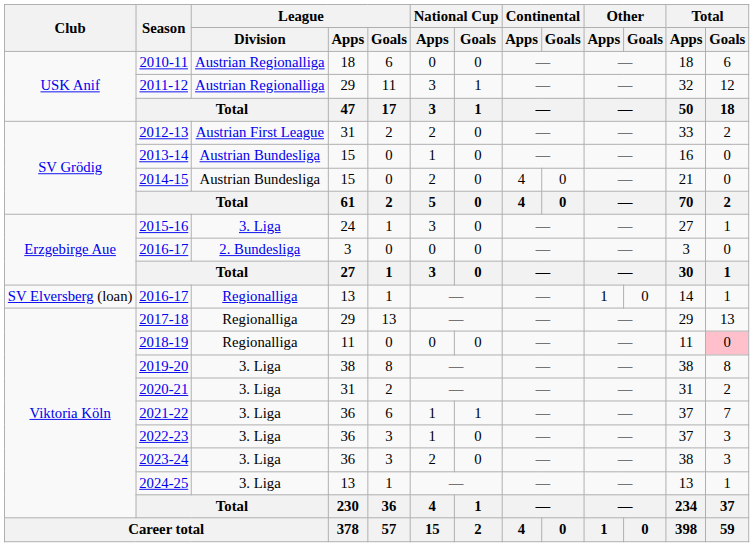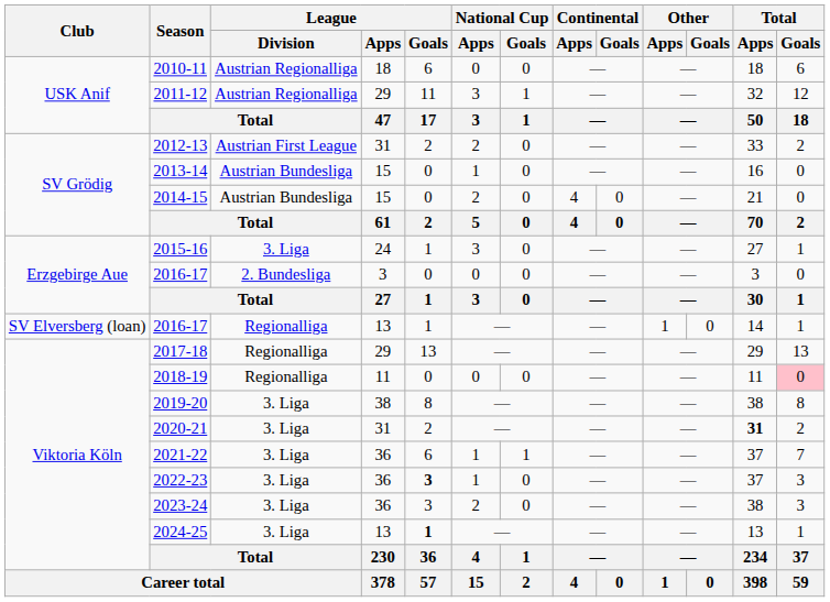 <table class="wikitable" style="text-align:center">
 <tr>
 <th rowspan="2">Club</th>
 <th rowspan="2">Season</th>
 <th colspan="3">League</th>
 <th colspan="2">National Cup</th>
 <th colspan="2">Continental</th>
 <th colspan="2">Other</th>
 <th colspan="2">Total</th>
 </tr>
 <tr>
 <th>Division</th>
 <th>Apps</th>
 <th>Goals</th>
 <th>Apps</th>
 <th>Goals</th>
 <th>Apps</th>
 <th>Goals</th>
 <th>Apps</th>
 <th>Goals</th>
 <th>Apps</th>
 <th>Goals</th>
 </tr>
 <tr>
 <td rowspan="3"><a href='#'>USK Anif</a></td>
 <td><a href='#'>2010-11</a></td>
 <td><a href='#'>Austrian Regionalliga</a></td>
 <td>18</td>
 <td>6</td>
 <td>0</td>
 <td>0</td>
 <td colspan="2">—</td>
 <td colspan="2">—</td>
 <td>18</td>
 <td>6</td>
 </tr>
 <tr>
 <td><a href='#'>2011-12</a></td>
 <td><a href='#'>Austrian Regionalliga</a></td>
 <td>29</td>
 <td>11</td>
 <td>3</td>
 <td>1</td>
 <td colspan="2">—</td>
 <td colspan="2">—</td>
 <td>32</td>
 <td>12</td>
 </tr>
 <tr>
 <th colspan="2">Total</th>
 <th>47</th>
 <th>17</th>
 <th>3</th>
 <th>1</th>
 <th colspan="2">—</th>
 <th colspan="2">—</th>
 <th>50</th>
 <th>18</th>
 </tr>
 <tr>
 <td rowspan="4"><a href='#'>SV Grödig</a></td>
 <td><a href='#'>2012-13</a></td>
 <td><a href='#'>Austrian First League</a></td>
 <td>31</td>
 <td>2</td>
 <td>2</td>
 <td>0</td>
 <td colspan="2">—</td>
 <td colspan="2">—</td>
 <td>33</td>
 <td>2</td>
 </tr>
 <tr>
 <td><a href='#'>2013-14</a></td>
 <td><a href='#'>Austrian Bundesliga</a></td>
 <td>15</td>
 <td>0</td>
 <td>1</td>
 <td>0</td>
 <td colspan="2">—</td>
 <td colspan="2">—</td>
 <td>16</td>
 <td>0</td>
 </tr>
 <tr>
 <td><a href='#'>2014-15</a></td>
 <td>Austrian Bundesliga</td>
 <td>15</td>
 <td>0</td>
 <td>2</td>
 <td>0</td>
 <td>4</td>
 <td>0</td>
 <td colspan="2">—</td>
 <td>21</td>
 <td>0</td>
 </tr>
 <tr>
 <th colspan="2">Total</th>
 <th>61</th>
 <th>2</th>
 <th>5</th>
 <th>0</th>
 <th>4</th>
 <th>0</th>
 <th colspan="2">—</th>
 <th>70</th>
 <th>2</th>
 </tr>
 <tr>
 <td rowspan="3"><a href='#'>Erzgebirge Aue</a></td>
 <td><a href='#'>2015-16</a></td>
 <td><a href='#'>3. Liga</a></td>
 <td>24</td>
 <td>1</td>
 <td>3</td>
 <td>0</td>
 <td colspan="2">—</td>
 <td colspan="2">—</td>
 <td>27</td>
 <td>1</td>
 </tr>
 <tr>
 <td><a href='#'>2016-17</a></td>
 <td><a href='#'>2. Bundesliga</a></td>
 <td>3</td>
 <td>0</td>
 <td>0</td>
 <td>0</td>
 <td colspan="2">—</td>
 <td colspan="2">—</td>
 <td>3</td>
 <td>0</td>
 </tr>
 <tr>
 <th colspan="2">Total</th>
 <th>27</th>
 <th>1</th>
 <th>3</th>
 <th>0</th>
 <th colspan="2">—</th>
 <th colspan="2">—</th>
 <th>30</th>
 <th>1</th>
 </tr>
 <tr>
 <td><a href='#'>SV Elversberg</a> (loan)</td>
 <td><a href='#'>2016-17</a></td>
 <td><a href='#'>Regionalliga</a></td>
 <td>13</td>
 <td>1</td>
 <td colspan="2">—</td>
 <td colspan="2">—</td>
 <td>1</td>
 <td>0</td>
 <td>14</td>
 <td>1</td>
 </tr>
 <tr>
 <td rowspan="9"><a href='#'>Viktoria Köln</a></td>
 <td><a href='#'>2017-18</a></td>
 <td>Regionalliga</td>
 <td>29</td>
 <td>13</td>
 <td colspan="2">—</td>
 <td colspan="2">—</td>
 <td colspan="2">—</td>
 <td>29</td>
 <td>13</td>
 </tr>
 <tr>
 <td><a href='#'>2018-19</a></td>
 <td>Regionalliga</td>
 <td>11</td>
 <td>0</td>
 <td>0</td>
 <td>0</td>
 <td colspan="2">—</td>
 <td colspan="2">—</td>
 <td>11</td>
 <td style="background: pink;">0</td>
 </tr>
 <tr>
 <td><a href='#'>2019-20</a></td>
 <td>3. Liga</td>
 <td>38</td>
 <td>8</td>
 <td colspan="2">—</td>
 <td colspan="2">—</td>
 <td colspan="2">—</td>
 <td>38</td>
 <td>8</td>
 </tr>
 <tr>
 <td><a href='#'>2020-21</a></td>
 <td>3. Liga</td>
 <td>31</td>
 <td>2</td>
 <td colspan="2">—</td>
 <td colspan="2">—</td>
 <td colspan="2">—</td>
-<td>31</td>
+<td><strong>31</strong></td>
 <td>2</td>
 </tr>
 <tr>
 <td><a href='#'>2021-22</a></td>
 <td>3. Liga</td>
 <td>36</td>
 <td>6</td>
 <td>1</td>
 <td>1</td>
 <td colspan="2">—</td>
 <td colspan="2">—</td>
 <td>37</td>
 <td>7</td>
 </tr>
 <tr>
 <td><a href='#'>2022-23</a></td>
 <td>3. Liga</td>
 <td>36</td>
-<td>3</td>
+<td><strong>3</strong></td>
 <td>1</td>
 <td>0</td>
 <td colspan="2">—</td>
 <td colspan="2">—</td>
 <td>37</td>
 <td>3</td>
 </tr>
 <tr>
 <td><a href='#'>2023-24</a></td>
 <td>3. Liga</td>
 <td>36</td>
 <td>3</td>
 <td>2</td>
 <td>0</td>
 <td colspan="2">—</td>
 <td colspan="2">—</td>
 <td>38</td>
 <td>3</td>
 </tr>
 <tr>
 <td><a href='#'>2024-25</a></td>
 <td>3. Liga</td>
 <td>13</td>
-<td>1</td>
+<td><strong>1</strong></td>
 <td colspan="2">—</td>
 <td colspan="2">—</td>
 <td colspan="2">—</td>
 <td>13</td>
 <td>1</td>
 </tr>
 <tr>
 <th colspan="2">Total</th>
 <th>230</th>
 <th>36</th>
 <th>4</th>
 <th>1</th>
 <th colspan="2">—</th>
 <th colspan="2">—</th>
 <th>234</th>
 <th>37</th>
 </tr>
 <tr>
 <th colspan="3">Career total</th>
 <th>378</th>
 <th>57</th>
 <th>15</th>
 <th>2</th>
 <th>4</th>
 <th>0</th>
 <th>1</th>
 <th>0</th>
 <th>398</th>
 <th>59</th>
 </tr>
 </table>
